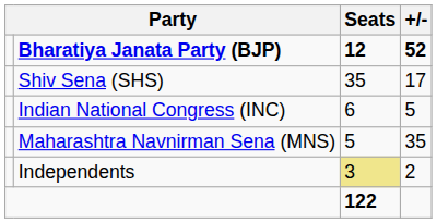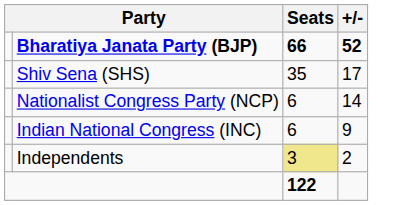 <table class="wikitable">
 <tr>
 <th colspan="2">Party</th>
 <th>Seats</th>
 <th>+/-</th>
 </tr>
 <tr>
 <td style="background-color: "></td>
 <td><strong><a href='#'>Bharatiya Janata Party</a> (BJP)</strong></td>
-<td><strong>12</strong></td>
+<td><strong>66</strong></td>
 <td><strong> 52</strong></td>
 </tr>
 <tr>
 <td style="background-color: "></td>
 <td><a href='#'>Shiv Sena</a> (SHS)</td>
 <td>35</td>
 <td> 17</td>
 </tr>
 <tr>
 <td style="background-color: "></td>
-<td><a href='#'>Indian National Congress</a> (INC)</td>
+<td><a href='#'>Nationalist Congress Party</a> (NCP)</td>
 <td>6</td>
-<td> 5</td>
+<td> 14</td>
 </tr>
 <tr>
 <td style="background-color: "></td>
-<td><a href='#'>Maharashtra Navnirman Sena</a> (MNS)</td>
-<td>5</td>
-<td> 35</td>
+<td><a href='#'>Indian National Congress</a> (INC)</td>
+<td>6</td>
+<td> 9</td>
 </tr>
 <tr>
 <td style="background-color: "></td>
 <td>Independents</td>
 <td style="background: khaki;">3</td>
 <td> 2</td>
 </tr>
 <tr>
 <td colspan="2"></td>
 <td><strong>122</strong></td>
 </tr>
 </table>
